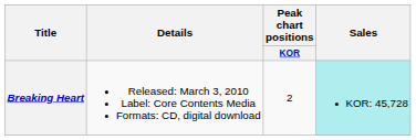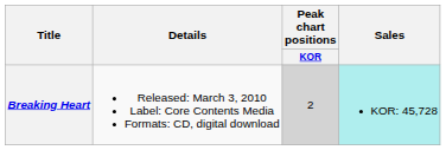 <table class="wikitable plainrowheaders" style="text-align:center;">
 <tr>
 <th scope="col" rowspan="2">Title</th>
 <th scope="col" rowspan="2">Details</th>
 <th scope="col">Peak chart positions</th>
 <th scope="col" rowspan="2">Sales</th>
 </tr>
 <tr>
 <th scope="col" style="width:3em;font-size:85%"><a href='#'>KOR</a><br></th>
 </tr>
 <tr>
 <th scope="row"><em><a href='#'>Breaking Heart</a></em></th>
 <td><br><ul><li>Released: March 3, 2010</li><li>Label: Core Contents Media</li><li>Formats: CD, digital download</li></ul></td>
-<td>2</td>
+<td style="background: lightgrey;">2</td>
 <td style="background: paleturquoise;"><br><ul><li>KOR: 45,728</li></ul></td>
 </tr>
 </table>
